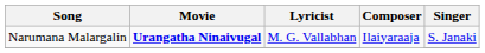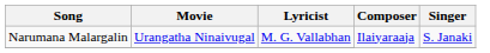 <table class="wikitable">
 <tr>
 <th>Song</th>
 <th>Movie</th>
 <th>Lyricist</th>
 <th>Composer</th>
 <th>Singer</th>
 </tr>
 <tr>
 <td>Narumana Malargalin</td>
-<td><strong><a href='#'>Urangatha Ninaivugal</a></strong></td>
+<td><a href='#'>Urangatha Ninaivugal</a></td>
 <td><a href='#'>M. G. Vallabhan</a></td>
 <td rowspan=2><a href='#'>Ilaiyaraaja</a></td>
 <td><a href='#'>S. Janaki</a></td>
 </tr>
 <tr>
 </tr>
 </table>
